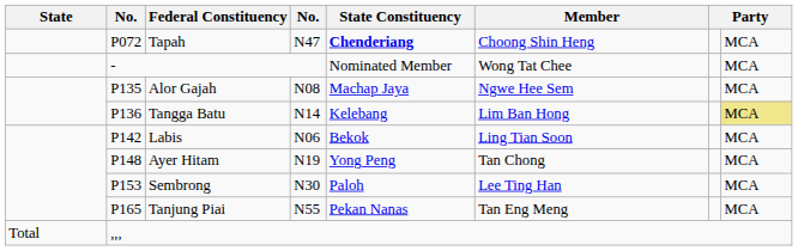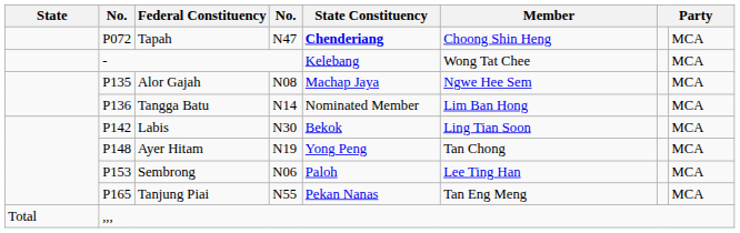 <table class="wikitable">
 <tr>
 <th style="width:100px;">State</th>
 <th>No.</th>
 <th>Federal Constituency</th>
 <th style="width:30px;">No.</th>
 <th style="width:150px;">State Constituency</th>
 <th style="width:240px;">Member</th>
 <th style="width:80px;" colspan=2>Party</th>
 </tr>
 <tr>
 <td rowspan=1></td>
 <td>P072</td>
 <td>Tapah</td>
 <td>N47</td>
 <td><strong><a href='#'>Chenderiang</a></strong></td>
 <td><a href='#'>Choong Shin Heng</a></td>
 <td></td>
 <td>MCA</td>
 </tr>
 <tr>
 <td rowspan=1></td>
 <td colspan="3" rowspan="1">-</td>
-<td>Nominated Member</td>
+<td><a href='#'>Kelebang</a></td>
 <td>Wong Tat Chee</td>
 <td></td>
 <td>MCA</td>
 </tr>
 <tr>
 <td rowspan="2"></td>
 <td>P135</td>
 <td>Alor Gajah</td>
 <td>N08</td>
 <td><a href='#'>Machap Jaya</a></td>
 <td><a href='#'>Ngwe Hee Sem</a></td>
 <td></td>
 <td>MCA</td>
 </tr>
 <tr>
 <td>P136</td>
 <td>Tangga Batu</td>
 <td>N14</td>
-<td><a href='#'>Kelebang</a></td>
+<td>Nominated Member</td>
 <td><a href='#'>Lim Ban Hong</a></td>
 <td></td>
-<td style="background: khaki;">MCA</td>
+<td>MCA</td>
 </tr>
 <tr>
 <td rowspan="4"></td>
 <td>P142</td>
 <td>Labis</td>
-<td>N06</td>
+<td>N30</td>
 <td><a href='#'>Bekok</a></td>
 <td><a href='#'>Ling Tian Soon</a></td>
 <td></td>
 <td>MCA</td>
 </tr>
 <tr>
 <td>P148</td>
 <td>Ayer Hitam</td>
 <td>N19</td>
 <td><a href='#'>Yong Peng</a></td>
 <td>Tan Chong</td>
 <td></td>
 <td>MCA</td>
 </tr>
 <tr>
 <td>P153</td>
 <td>Sembrong</td>
-<td>N30</td>
+<td>N06</td>
 <td><a href='#'>Paloh</a></td>
 <td><a href='#'>Lee Ting Han</a></td>
 <td></td>
 <td>MCA</td>
 </tr>
 <tr>
 <td>P165</td>
 <td>Tanjung Piai</td>
 <td>N55</td>
 <td><a href='#'>Pekan Nanas</a></td>
 <td>Tan Eng Meng</td>
 <td></td>
 <td>MCA</td>
 </tr>
 <tr>
 <td>Total</td>
 <td colspan="7">,,, </td>
 </tr>
 </table>
